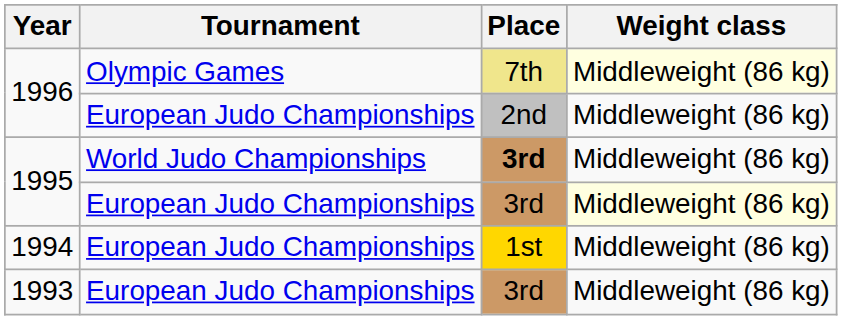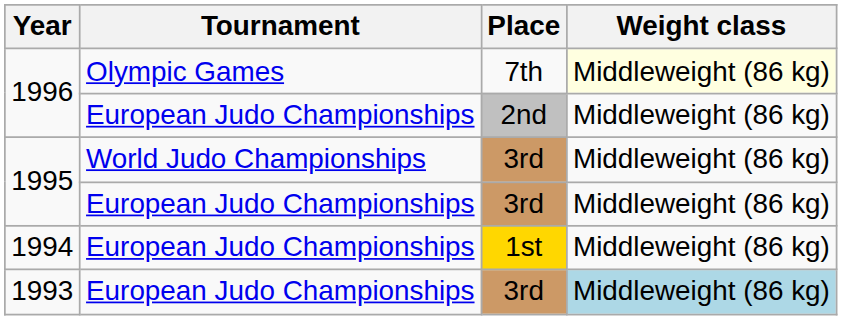 <table class=wikitable>
 <tr>
 <th>Year</th>
 <th>Tournament</th>
 <th>Place</th>
 <th>Weight class</th>
 </tr>
 <tr>
 <td rowspan=2>1996</td>
 <td><a href='#'>Olympic Games</a></td>
-<td align="center" style="background: khaki;">7th</td>
+<td align="center">7th</td>
 <td style="background: lightyellow;">Middleweight (86 kg)</td>
 </tr>
 <tr>
 <td><a href='#'>European Judo Championships</a></td>
 <td bgcolor="silver" align="center">2nd</td>
 <td>Middleweight (86 kg)</td>
 </tr>
 <tr>
 <td rowspan=2>1995</td>
 <td><a href='#'>World Judo Championships</a></td>
-<td bgcolor="cc9966" align="center"><strong>3rd</strong></td>
+<td bgcolor="cc9966" align="center">3rd</td>
 <td>Middleweight (86 kg)</td>
 </tr>
 <tr>
 <td><a href='#'>European Judo Championships</a></td>
 <td bgcolor="cc9966" align="center">3rd</td>
-<td style="background: lightyellow;">Middleweight (86 kg)</td>
+<td>Middleweight (86 kg)</td>
 </tr>
 <tr>
 <td>1994</td>
 <td><a href='#'>European Judo Championships</a></td>
 <td bgcolor="gold" align="center">1st</td>
 <td>Middleweight (86 kg)</td>
 </tr>
 <tr>
 <td>1993</td>
 <td><a href='#'>European Judo Championships</a></td>
 <td bgcolor="cc9966" align="center">3rd</td>
-<td>Middleweight (86 kg)</td>
+<td style="background: lightblue;">Middleweight (86 kg)</td>
 </tr>
 </table>
